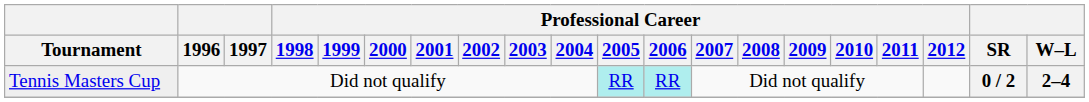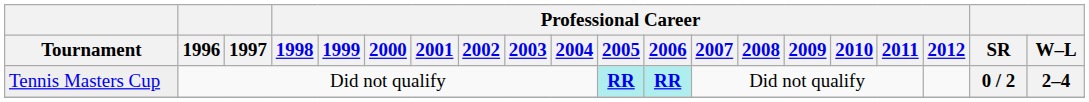 <table class="wikitable" style="text-align:center;font-size:97%">
 <tr>
 <th></th>
 <th colspan="2"></th>
 <th colspan="15">Professional Career</th>
 <th colspan="2"></th>
 </tr>
 <tr>
 <th width = '135'>Tournament</th>
 <th>1996</th>
 <th>1997</th>
 <th><a href='#'>1998</a></th>
 <th><a href='#'>1999</a></th>
 <th><a href='#'>2000</a></th>
 <th><a href='#'>2001</a></th>
 <th><a href='#'>2002</a></th>
 <th><a href='#'>2003</a></th>
 <th><a href='#'>2004</a></th>
 <th><a href='#'>2005</a></th>
 <th><a href='#'>2006</a></th>
 <th><a href='#'>2007</a></th>
 <th><a href='#'>2008</a></th>
 <th><a href='#'>2009</a></th>
 <th><a href='#'>2010</a></th>
 <th><a href='#'>2011</a></th>
 <th><a href='#'>2012</a></th>
 <th width='40'>SR</th>
 <th width='40'>W–L</th>
 </tr>
 <tr>
 <td align="left" bgcolor="efefef"><a href='#'>Tennis Masters Cup</a></td>
 <td colspan="9">Did not qualify</td>
-<td bgcolor="afeeee"><a href='#'>RR</a></td>
-<td bgcolor="afeeee"><a href='#'>RR</a></td>
+<td bgcolor="afeeee"><strong><a href='#'>RR</a></strong></td>
+<td bgcolor="afeeee"><strong><a href='#'>RR</a></strong></td>
 <td colspan="5">Did not qualify</td>
 <td></td>
 <th>0 / 2</th>
 <th>2–4</th>
 </tr>
 <tr>
 </tr>
 </table>
